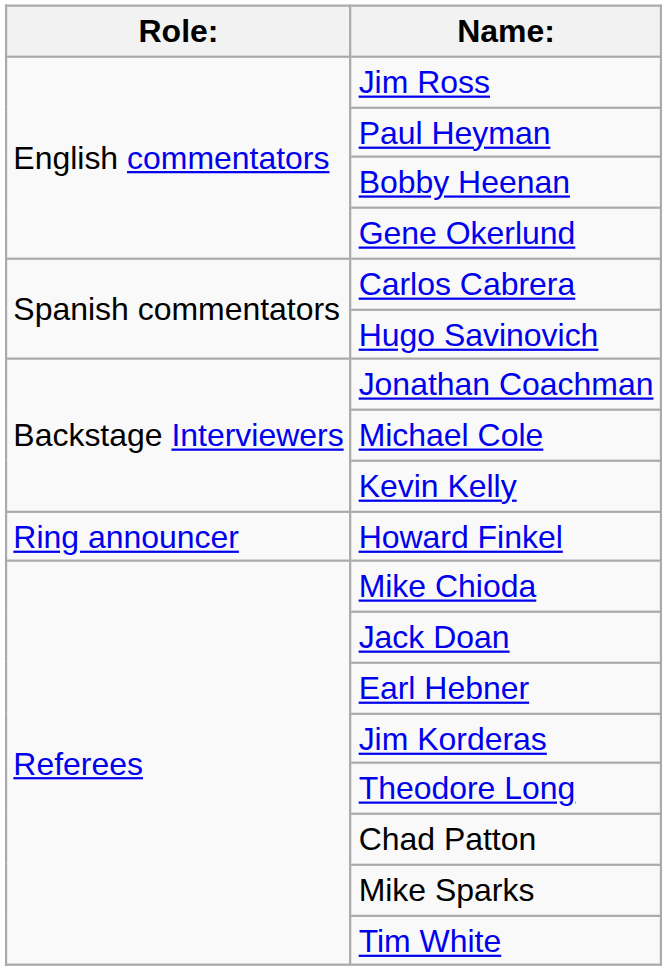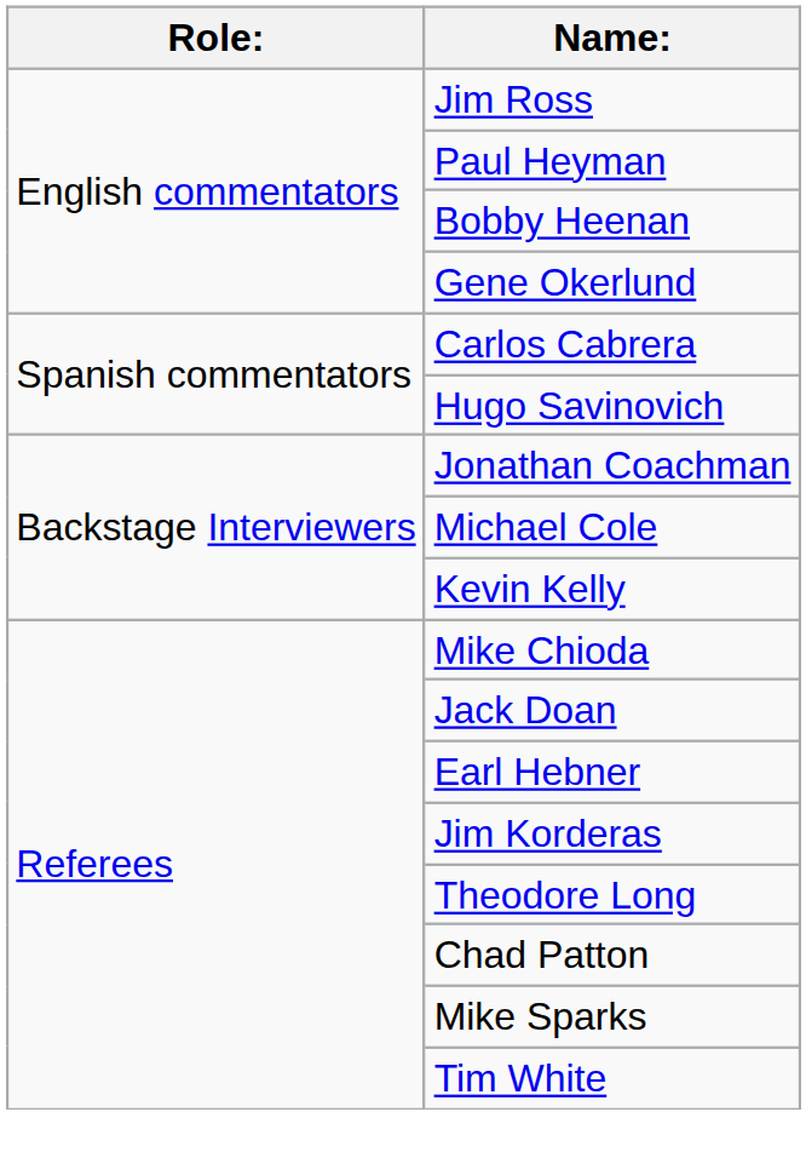 <table class=wikitable style="font-size:90%; margin: 0.5em 0 0.5em 1em; float: right; clear: right;">
 <tr>
 <th>Role:</th>
 <th>Name:</th>
 </tr>
 <tr>
 <td rowspan=4>English <a href='#'>commentators</a></td>
 <td><a href='#'>Jim Ross</a></td>
 </tr>
 <tr>
 <td><a href='#'>Paul Heyman</a></td>
 </tr>
 <tr>
 <td><a href='#'>Bobby Heenan</a><br></td>
 </tr>
 <tr>
 <td><a href='#'>Gene Okerlund</a><br></td>
 </tr>
 <tr>
 <td rowspan=2>Spanish commentators</td>
 <td><a href='#'>Carlos Cabrera</a></td>
 </tr>
 <tr>
 <td><a href='#'>Hugo Savinovich</a></td>
 </tr>
 <tr>
 <td rowspan=3>Backstage <a href='#'>Interviewers</a></td>
 <td><a href='#'>Jonathan Coachman</a></td>
 </tr>
 <tr>
 <td><a href='#'>Michael Cole</a></td>
 </tr>
 <tr>
 <td><a href='#'>Kevin Kelly</a></td>
 </tr>
 <tr>
-<td><a href='#'>Ring announcer</a></td>
-<td><a href='#'>Howard Finkel</a></td>
-</tr>
-<tr>
 <td rowspan=8><a href='#'>Referees</a></td>
 <td><a href='#'>Mike Chioda</a></td>
 </tr>
 <tr>
 <td><a href='#'>Jack Doan</a></td>
 </tr>
 <tr>
 <td><a href='#'>Earl Hebner</a></td>
 </tr>
 <tr>
 <td><a href='#'>Jim Korderas</a></td>
 </tr>
 <tr>
 <td><a href='#'>Theodore Long</a></td>
 </tr>
 <tr>
 <td>Chad Patton</td>
 </tr>
 <tr>
 <td>Mike Sparks</td>
 </tr>
 <tr>
 <td><a href='#'>Tim White</a></td>
 </tr>
 </table>
